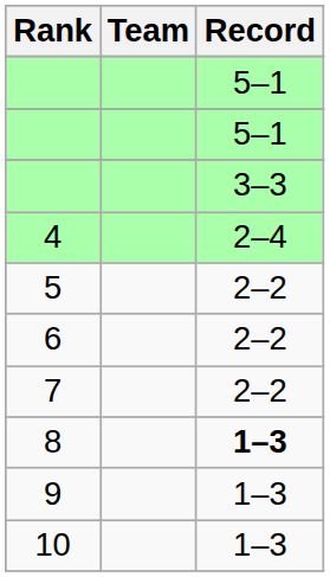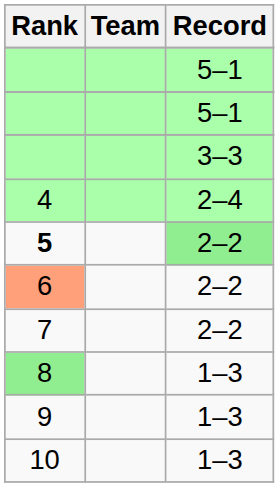 <table class="wikitable">
 <tr>
 <th>Rank</th>
 <th>Team</th>
 <th>Record</th>
 </tr>
 <tr>
 </tr>
 <tr bgcolor=#aaffaa>
 <td align=center></td>
 <td></td>
 <td align=center>5–1</td>
 </tr>
 <tr>
 </tr>
 <tr bgcolor=#aaffaa>
 <td align=center></td>
 <td></td>
 <td align=center>5–1</td>
 </tr>
 <tr>
 </tr>
 <tr bgcolor=#aaffaa>
 <td align=center></td>
 <td></td>
 <td align=center>3–3</td>
 </tr>
 <tr bgcolor=#aaffaa>
 <td align=center>4</td>
 <td></td>
 <td align=center>2–4</td>
 </tr>
 <tr>
-<td align=center>5</td>
+<td align=center><strong>5</strong></td>
 <td></td>
-<td align=center>2–2</td>
+<td align=center style="background: lightgreen;">2–2</td>
 </tr>
 <tr>
-<td align=center>6</td>
+<td align=center style="background: lightsalmon;">6</td>
 <td></td>
 <td align=center>2–2</td>
 </tr>
 <tr>
 <td align=center>7</td>
 <td></td>
 <td align=center>2–2</td>
 </tr>
 <tr>
-<td align=center>8</td>
+<td align=center style="background: lightgreen;">8</td>
 <td></td>
-<td align=center><strong>1–3</strong></td>
+<td align=center>1–3</td>
 </tr>
 <tr>
 <td align=center>9</td>
 <td></td>
 <td align=center>1–3</td>
 </tr>
 <tr>
 <td align=center>10</td>
 <td></td>
 <td align=center>1–3</td>
 </tr>
 </table>
